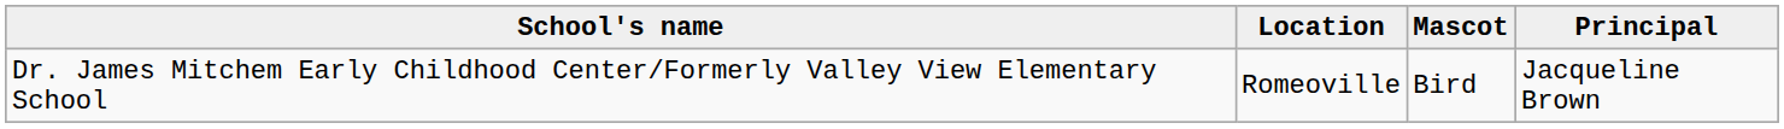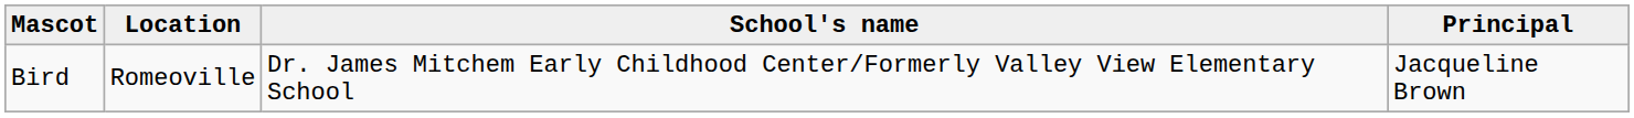 <table class="wikitable">
 <tr>
+<th style="background:#efefef;">Mascot</th>
+<th style="background:#efefef;">Location</th>
 <th style="background:#efefef;">School's name</th>
-<th style="background:#efefef;">Location</th>
-<th style="background:#efefef;">Mascot</th>
 <th style="background:#efefef;">Principal</th>
 </tr>
 <tr>
+<td>Bird</td>
+<td>Romeoville</td>
 <td>Dr. James Mitchem Early Childhood Center/Formerly Valley View Elementary School</td>
-<td>Romeoville</td>
-<td>Bird</td>
 <td>Jacqueline Brown</td>
 </tr>
 </table>
